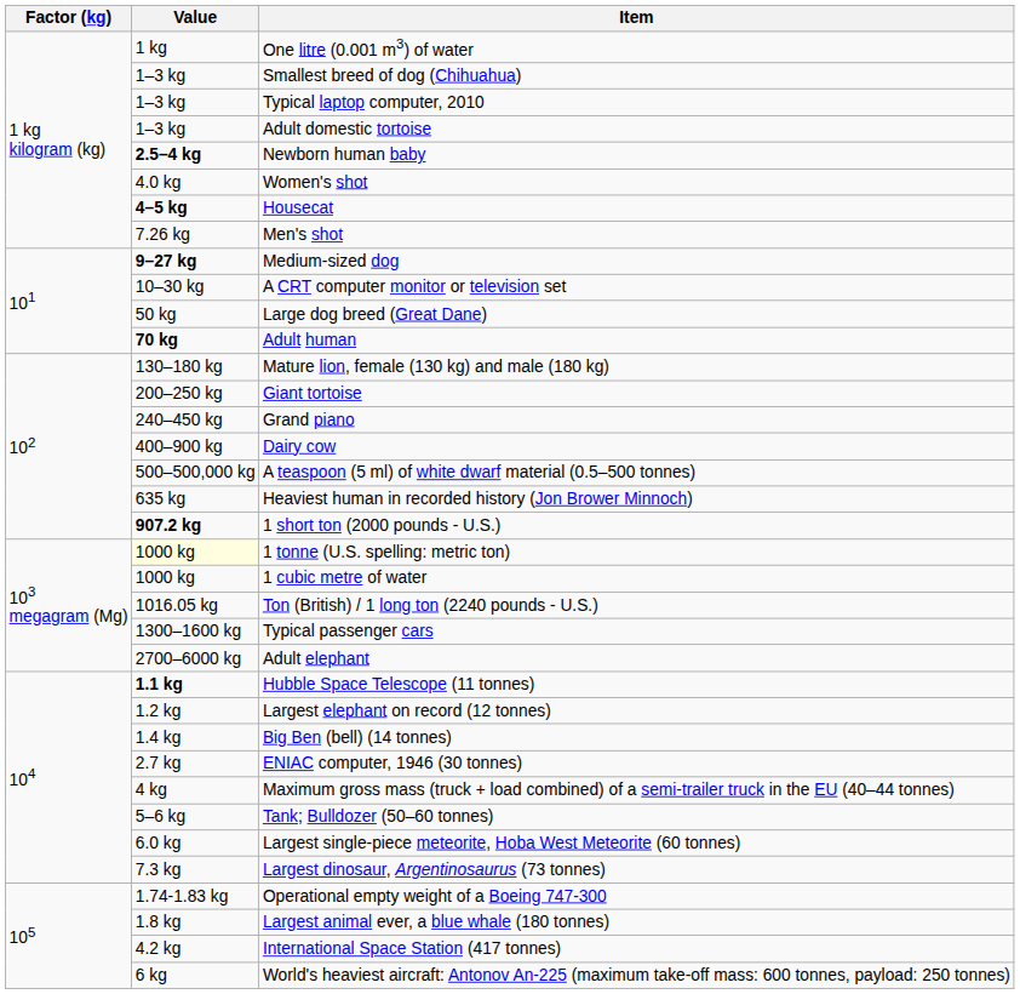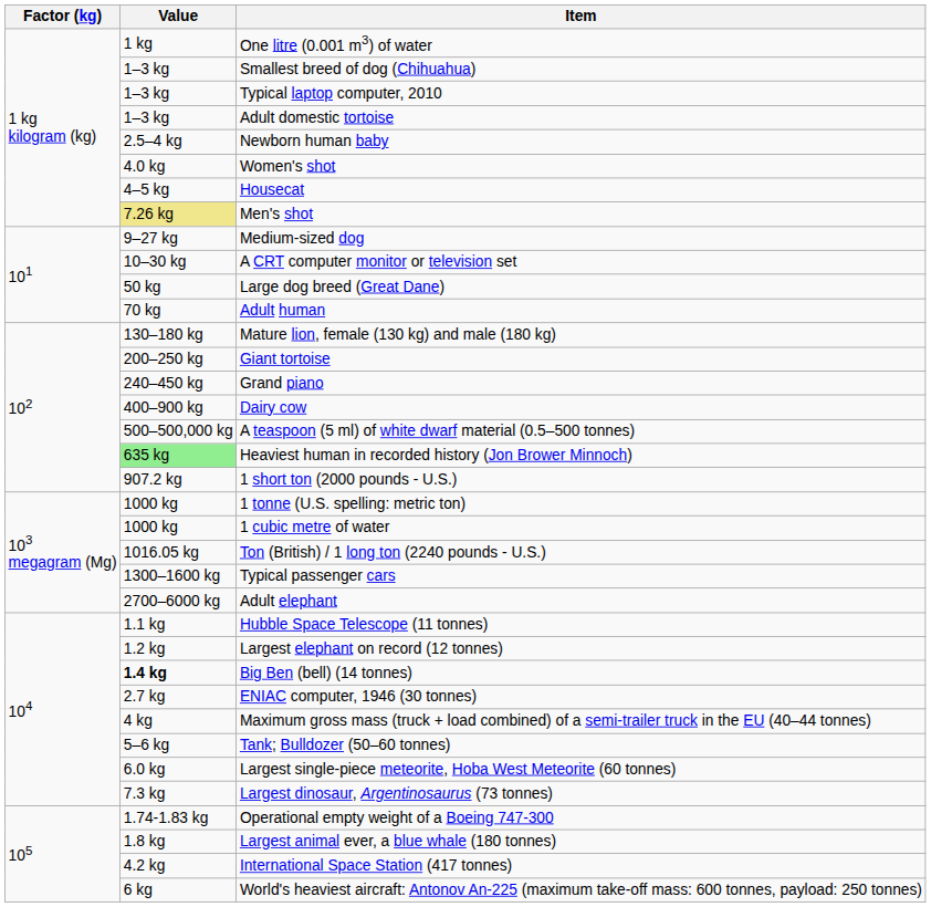 <table class="wikitable sortable">
 <tr>
 <th>Factor (<a href='#'>kg</a>)</th>
 <th>Value</th>
 <th>Item</th>
 </tr>
 <tr>
 <td rowspan=8>1 kg<br><a href='#'>kilogram</a> (kg)</td>
 <td>1 kg</td>
 <td>One <a href='#'>litre</a> (0.001 m<sup>3</sup>) of water</td>
 </tr>
 <tr>
 <td>1–3 kg</td>
 <td>Smallest breed of dog (<a href='#'>Chihuahua</a>)</td>
 </tr>
 <tr>
 <td>1–3 kg</td>
 <td>Typical <a href='#'>laptop</a> computer, 2010</td>
 </tr>
 <tr>
 <td>1–3 kg</td>
 <td>Adult domestic <a href='#'>tortoise</a></td>
 </tr>
 <tr>
-<td><strong>2.5–4 kg</strong></td>
+<td>2.5–4 kg</td>
 <td>Newborn human <a href='#'>baby</a></td>
 </tr>
 <tr>
 <td>4.0 kg</td>
 <td>Women's <a href='#'>shot</a></td>
 </tr>
 <tr>
-<td><strong>4–5 kg</strong></td>
+<td>4–5 kg</td>
 <td><a href='#'>Housecat</a></td>
 </tr>
 <tr>
-<td>7.26 kg</td>
+<td style="background: khaki;">7.26 kg</td>
 <td>Men's <a href='#'>shot</a></td>
 </tr>
 <tr>
 <td rowspan=4>10<sup>1</sup></td>
-<td><strong>9–27 kg</strong></td>
+<td>9–27 kg</td>
 <td>Medium-sized <a href='#'>dog</a></td>
 </tr>
 <tr>
 <td>10–30 kg</td>
 <td>A <a href='#'>CRT</a> computer <a href='#'>monitor</a> or <a href='#'>television</a> set</td>
 </tr>
 <tr>
 <td>50 kg</td>
 <td>Large dog breed (<a href='#'>Great Dane</a>)</td>
 </tr>
 <tr>
-<td><strong>70 kg</strong></td>
+<td>70 kg</td>
 <td><a href='#'>Adult</a> <a href='#'>human</a></td>
 </tr>
 <tr>
 <td rowspan=7>10<sup>2</sup></td>
 <td>130–180 kg</td>
 <td>Mature <a href='#'>lion</a>, female (130 kg) and male (180 kg)</td>
 </tr>
 <tr>
 <td>200–250 kg</td>
 <td><a href='#'>Giant tortoise</a></td>
 </tr>
 <tr>
 <td>240–450 kg</td>
 <td>Grand <a href='#'>piano</a></td>
 </tr>
 <tr>
 <td>400–900 kg</td>
 <td><a href='#'>Dairy cow</a></td>
 </tr>
 <tr>
 <td>500–500,000 kg</td>
 <td>A <a href='#'>teaspoon</a> (5 ml) of <a href='#'>white dwarf</a> material (0.5–500 tonnes)</td>
 </tr>
 <tr>
-<td>635 kg</td>
+<td style="background: lightgreen;">635 kg</td>
 <td>Heaviest human in recorded history (<a href='#'>Jon Brower Minnoch</a>)</td>
 </tr>
 <tr>
-<td><strong>907.2 kg</strong></td>
+<td>907.2 kg</td>
 <td>1 <a href='#'>short ton</a> (2000 pounds - U.S.)</td>
 </tr>
 <tr>
 <td rowspan=5>10<sup>3</sup><br><a href='#'>megagram</a> (Mg)</td>
-<td style="background: lightyellow;">1000 kg</td>
+<td>1000 kg</td>
 <td>1 <a href='#'>tonne</a> (U.S. spelling: metric ton)</td>
 </tr>
 <tr>
 <td>1000 kg</td>
 <td>1 <a href='#'>cubic metre</a> of water</td>
 </tr>
 <tr>
 <td>1016.05 kg</td>
 <td><a href='#'>Ton</a> (British) / 1 <a href='#'>long ton</a> (2240 pounds - U.S.)</td>
 </tr>
 <tr>
 <td>1300–1600 kg</td>
 <td>Typical passenger <a href='#'>cars</a></td>
 </tr>
 <tr>
 <td>2700–6000 kg</td>
 <td>Adult <a href='#'>elephant</a></td>
 </tr>
 <tr>
 <td rowspan=8>10<sup>4</sup></td>
-<td><strong>1.1 kg</strong></td>
+<td>1.1 kg</td>
 <td><a href='#'>Hubble Space Telescope</a> (11 tonnes)</td>
 </tr>
 <tr>
 <td>1.2 kg</td>
 <td>Largest <a href='#'>elephant</a> on record (12 tonnes)</td>
 </tr>
 <tr>
-<td>1.4 kg</td>
+<td><strong>1.4 kg</strong></td>
 <td><a href='#'>Big Ben</a> (bell) (14 tonnes)</td>
 </tr>
 <tr>
 <td>2.7 kg</td>
 <td><a href='#'>ENIAC</a> computer, 1946 (30 tonnes)</td>
 </tr>
 <tr>
 <td>4 kg</td>
 <td>Maximum gross mass (truck + load combined) of a <a href='#'>semi-trailer truck</a> in the <a href='#'>EU</a> (40–44 tonnes)</td>
 </tr>
 <tr>
 <td>5–6 kg</td>
 <td><a href='#'>Tank</a>; <a href='#'>Bulldozer</a> (50–60 tonnes)</td>
 </tr>
 <tr>
 <td>6.0 kg</td>
 <td>Largest single-piece <a href='#'>meteorite</a>, <a href='#'>Hoba West Meteorite</a> (60 tonnes)</td>
 </tr>
 <tr>
 <td>7.3 kg</td>
 <td><a href='#'>Largest dinosaur</a>, <em><a href='#'>Argentinosaurus</a></em> (73 tonnes)</td>
 </tr>
 <tr>
 <td rowspan=4>10<sup>5</sup></td>
 <td>1.74-1.83 kg</td>
 <td>Operational empty weight of a <a href='#'>Boeing 747-300</a></td>
 </tr>
 <tr>
 <td>1.8 kg</td>
 <td><a href='#'>Largest animal</a> ever, a <a href='#'>blue whale</a> (180 tonnes)</td>
 </tr>
 <tr>
 <td>4.2 kg</td>
 <td><a href='#'>International Space Station</a> (417 tonnes)</td>
 </tr>
 <tr>
 <td>6 kg</td>
 <td>World's heaviest aircraft:  <a href='#'>Antonov An-225</a> (maximum take-off mass: 600 tonnes, payload: 250 tonnes)</td>
 </tr>
 </table>
